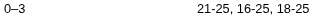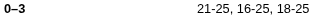 <table>
 <tr>
 <th width=190></th>
 <th width=60></th>
 <th width=190></th>
 <th width=200></th>
 </tr>
 <tr>
 <td align=right></td>
-<td align=center>0–3</td>
+<td align=center><strong>0–3</strong></td>
 <td><strong></strong></td>
 <td>21-25, 16-25, 18-25</td>
 </tr>
 </table>
